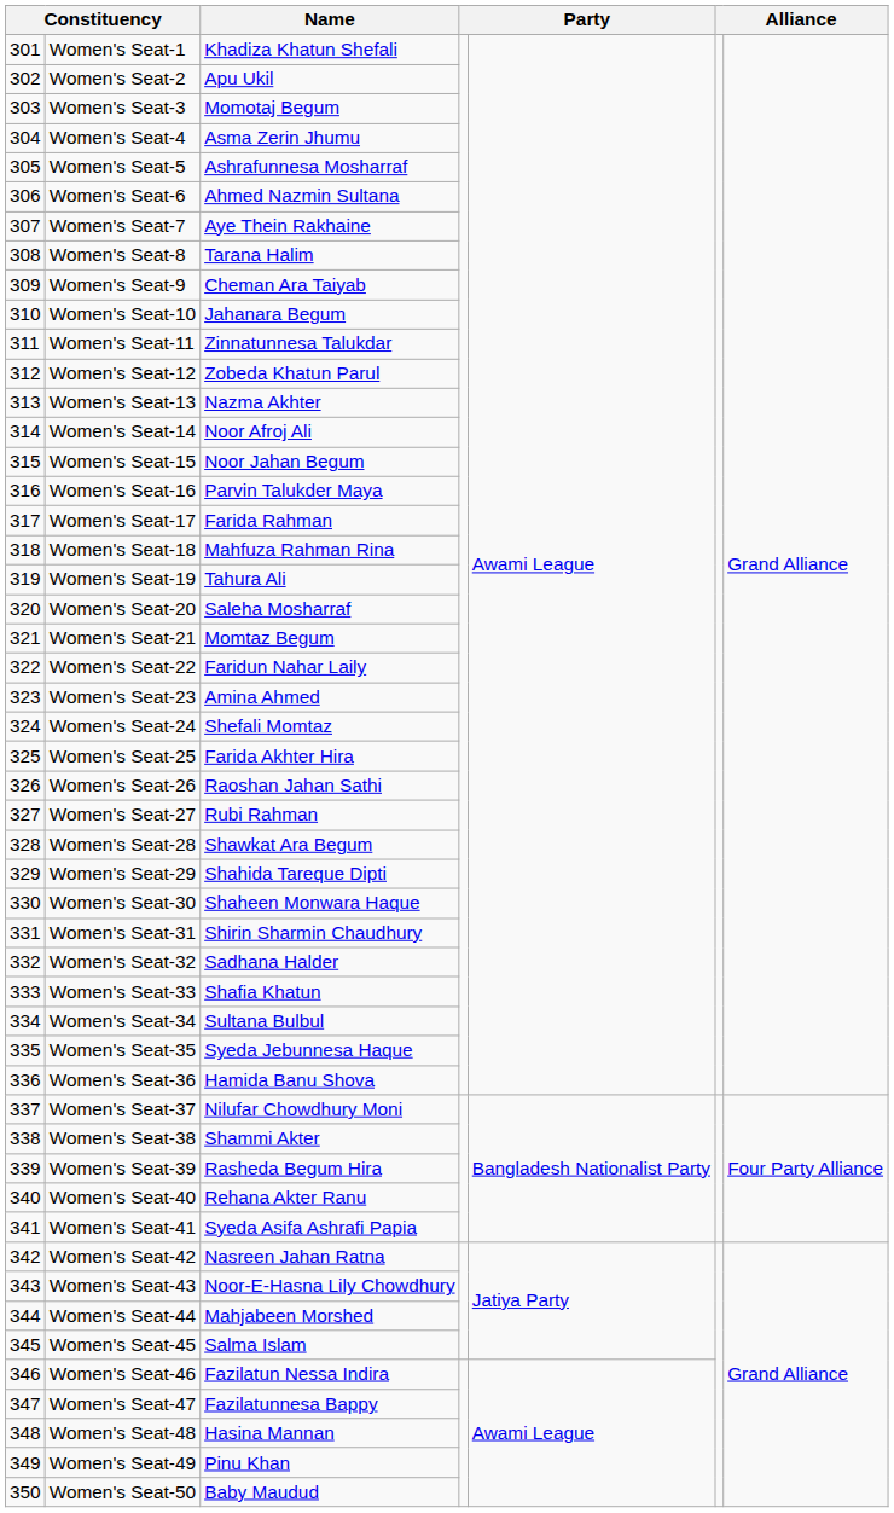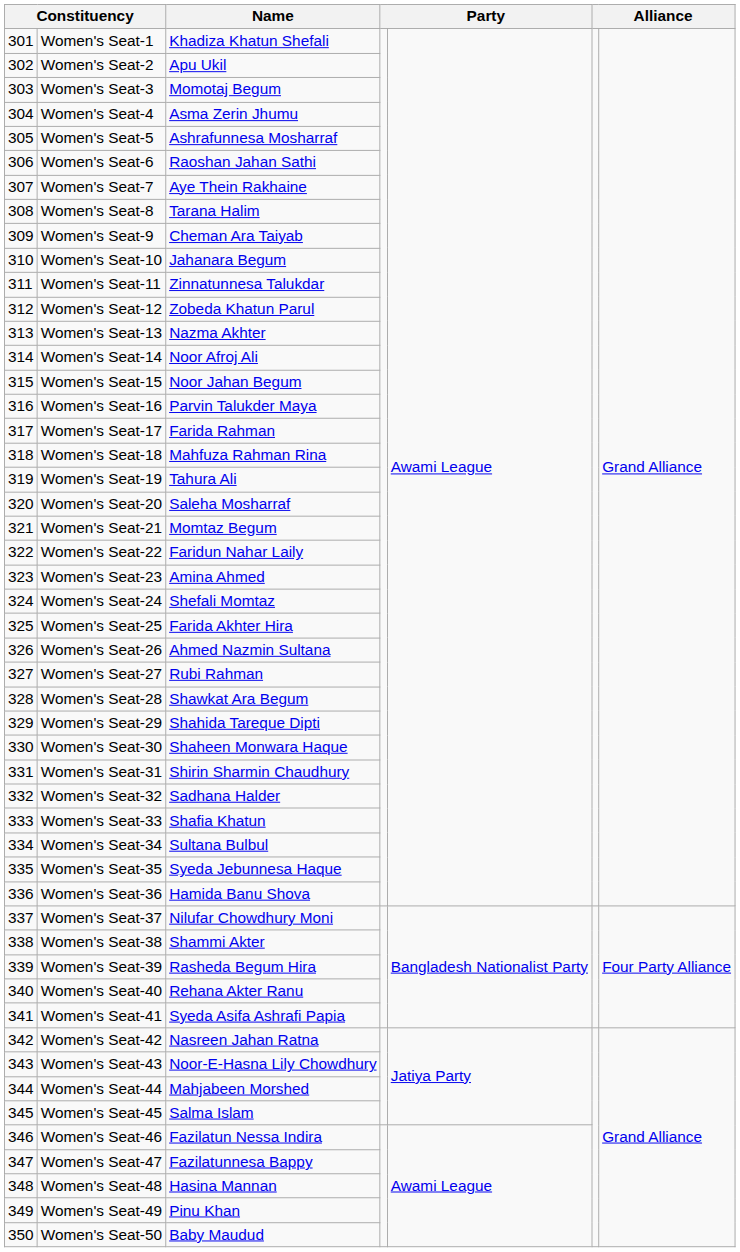 <table class="wikitable sortable">
 <tr>
 <th colspan="2">Constituency</th>
 <th>Name</th>
 <th colspan="2">Party</th>
 <th colspan="2">Alliance</th>
 </tr>
 <tr>
 <td>301</td>
 <td>Women's Seat-1</td>
 <td><a href='#'>Khadiza Khatun Shefali</a></td>
 <td rowspan="36" style="background-color:"></td>
 <td rowspan="36"><a href='#'>Awami League</a></td>
 <td rowspan="36" style="background-color:"></td>
 <td rowspan="36"><a href='#'>Grand Alliance</a></td>
 </tr>
 <tr>
 <td>302</td>
 <td>Women's Seat-2</td>
 <td><a href='#'>Apu Ukil</a></td>
 </tr>
 <tr>
 <td>303</td>
 <td>Women's Seat-3</td>
 <td><a href='#'>Momotaj Begum</a></td>
 </tr>
 <tr>
 <td>304</td>
 <td>Women's Seat-4</td>
 <td><a href='#'>Asma Zerin Jhumu</a></td>
 </tr>
 <tr>
 <td>305</td>
 <td>Women's Seat-5</td>
 <td><a href='#'>Ashrafunnesa Mosharraf</a></td>
 </tr>
 <tr>
 <td>306</td>
 <td>Women's Seat-6</td>
-<td><a href='#'>Ahmed Nazmin Sultana</a></td>
+<td><a href='#'>Raoshan Jahan Sathi</a></td>
 </tr>
 <tr>
 <td>307</td>
 <td>Women's Seat-7</td>
 <td><a href='#'>Aye Thein Rakhaine</a></td>
 </tr>
 <tr>
 <td>308</td>
 <td>Women's Seat-8</td>
 <td><a href='#'>Tarana Halim</a></td>
 </tr>
 <tr>
 <td>309</td>
 <td>Women's Seat-9</td>
 <td><a href='#'>Cheman Ara Taiyab</a></td>
 </tr>
 <tr>
 <td>310</td>
 <td>Women's Seat-10</td>
 <td><a href='#'>Jahanara Begum</a></td>
 </tr>
 <tr>
 <td>311</td>
 <td>Women's Seat-11</td>
 <td><a href='#'>Zinnatunnesa Talukdar</a></td>
 </tr>
 <tr>
 <td>312</td>
 <td>Women's Seat-12</td>
 <td><a href='#'>Zobeda Khatun Parul</a></td>
 </tr>
 <tr>
 <td>313</td>
 <td>Women's Seat-13</td>
 <td><a href='#'>Nazma Akhter</a></td>
 </tr>
 <tr>
 <td>314</td>
 <td>Women's Seat-14</td>
 <td><a href='#'>Noor Afroj Ali</a></td>
 </tr>
 <tr>
 <td>315</td>
 <td>Women's Seat-15</td>
 <td><a href='#'>Noor Jahan Begum</a></td>
 </tr>
 <tr>
 <td>316</td>
 <td>Women's Seat-16</td>
 <td><a href='#'>Parvin Talukder Maya</a></td>
 </tr>
 <tr>
 <td>317</td>
 <td>Women's Seat-17</td>
 <td><a href='#'>Farida Rahman</a></td>
 </tr>
 <tr>
 <td>318</td>
 <td>Women's Seat-18</td>
 <td><a href='#'>Mahfuza Rahman Rina</a></td>
 </tr>
 <tr>
 <td>319</td>
 <td>Women's Seat-19</td>
 <td><a href='#'>Tahura Ali</a></td>
 </tr>
 <tr>
 <td>320</td>
 <td>Women's Seat-20</td>
 <td><a href='#'>Saleha Mosharraf</a></td>
 </tr>
 <tr>
 <td>321</td>
 <td>Women's Seat-21</td>
 <td><a href='#'>Momtaz Begum</a></td>
 </tr>
 <tr>
 <td>322</td>
 <td>Women's Seat-22</td>
 <td><a href='#'>Faridun Nahar Laily</a></td>
 </tr>
 <tr>
 <td>323</td>
 <td>Women's Seat-23</td>
 <td><a href='#'>Amina Ahmed</a></td>
 </tr>
 <tr>
 <td>324</td>
 <td>Women's Seat-24</td>
 <td><a href='#'>Shefali Momtaz</a></td>
 </tr>
 <tr>
 <td>325</td>
 <td>Women's Seat-25</td>
 <td><a href='#'>Farida Akhter Hira</a></td>
 </tr>
 <tr>
 <td>326</td>
 <td>Women's Seat-26</td>
-<td><a href='#'>Raoshan Jahan Sathi</a></td>
+<td><a href='#'>Ahmed Nazmin Sultana</a></td>
 </tr>
 <tr>
 <td>327</td>
 <td>Women's Seat-27</td>
 <td><a href='#'>Rubi Rahman</a></td>
 </tr>
 <tr>
 <td>328</td>
 <td>Women's Seat-28</td>
 <td><a href='#'>Shawkat Ara Begum</a></td>
 </tr>
 <tr>
 <td>329</td>
 <td>Women's Seat-29</td>
 <td><a href='#'>Shahida Tareque Dipti</a></td>
 </tr>
 <tr>
 <td>330</td>
 <td>Women's Seat-30</td>
 <td><a href='#'>Shaheen Monwara Haque</a></td>
 </tr>
 <tr>
 <td>331</td>
 <td>Women's Seat-31</td>
 <td><a href='#'>Shirin Sharmin Chaudhury</a></td>
 </tr>
 <tr>
 <td>332</td>
 <td>Women's Seat-32</td>
 <td><a href='#'>Sadhana Halder</a></td>
 </tr>
 <tr>
 <td>333</td>
 <td>Women's Seat-33</td>
 <td><a href='#'>Shafia Khatun</a></td>
 </tr>
 <tr>
 <td>334</td>
 <td>Women's Seat-34</td>
 <td><a href='#'>Sultana Bulbul</a></td>
 </tr>
 <tr>
 <td>335</td>
 <td>Women's Seat-35</td>
 <td><a href='#'>Syeda Jebunnesa Haque</a></td>
 </tr>
 <tr>
 <td>336</td>
 <td>Women's Seat-36</td>
 <td><a href='#'>Hamida Banu Shova</a></td>
 </tr>
 <tr>
 <td>337</td>
 <td>Women's Seat-37</td>
 <td><a href='#'>Nilufar Chowdhury Moni</a></td>
 <td rowspan="5" style="background-color:"></td>
 <td rowspan="5"><a href='#'>Bangladesh Nationalist Party</a></td>
 <td rowspan="5" style="background-color:"></td>
 <td rowspan="5"><a href='#'>Four Party Alliance</a></td>
 </tr>
 <tr>
 <td>338</td>
 <td>Women's Seat-38</td>
 <td><a href='#'>Shammi Akter</a></td>
 </tr>
 <tr>
 <td>339</td>
 <td>Women's Seat-39</td>
 <td><a href='#'>Rasheda Begum Hira</a></td>
 </tr>
 <tr>
 <td>340</td>
 <td>Women's Seat-40</td>
 <td><a href='#'>Rehana Akter Ranu</a></td>
 </tr>
 <tr>
 <td>341</td>
 <td>Women's Seat-41</td>
 <td><a href='#'>Syeda Asifa Ashrafi Papia</a></td>
 </tr>
 <tr>
 <td>342</td>
 <td>Women's Seat-42</td>
 <td><a href='#'>Nasreen Jahan Ratna</a></td>
 <td rowspan="4" style="background-color:"></td>
 <td rowspan="4"><a href='#'>Jatiya Party</a></td>
 <td rowspan="9" style="background-color:"></td>
 <td rowspan="9"><a href='#'>Grand Alliance</a></td>
 </tr>
 <tr>
 <td>343</td>
 <td>Women's Seat-43</td>
 <td><a href='#'>Noor-E-Hasna Lily Chowdhury</a></td>
 </tr>
 <tr>
 <td>344</td>
 <td>Women's Seat-44</td>
 <td><a href='#'>Mahjabeen Morshed</a></td>
 </tr>
 <tr>
 <td>345</td>
 <td>Women's Seat-45</td>
 <td><a href='#'>Salma Islam</a></td>
 </tr>
 <tr>
 <td>346</td>
 <td>Women's Seat-46</td>
 <td><a href='#'>Fazilatun Nessa Indira</a></td>
 <td rowspan="5" style="background-color:"></td>
 <td rowspan="5"><a href='#'>Awami League</a></td>
 </tr>
 <tr>
 <td>347</td>
 <td>Women's Seat-47</td>
 <td><a href='#'>Fazilatunnesa Bappy</a></td>
 </tr>
 <tr>
 <td>348</td>
 <td>Women's Seat-48</td>
 <td><a href='#'>Hasina Mannan</a></td>
 </tr>
 <tr>
 <td>349</td>
 <td>Women's Seat-49</td>
 <td><a href='#'>Pinu Khan</a></td>
 </tr>
 <tr>
 <td>350</td>
 <td>Women's Seat-50</td>
 <td><a href='#'>Baby Maudud</a></td>
 </tr>
 </table>
